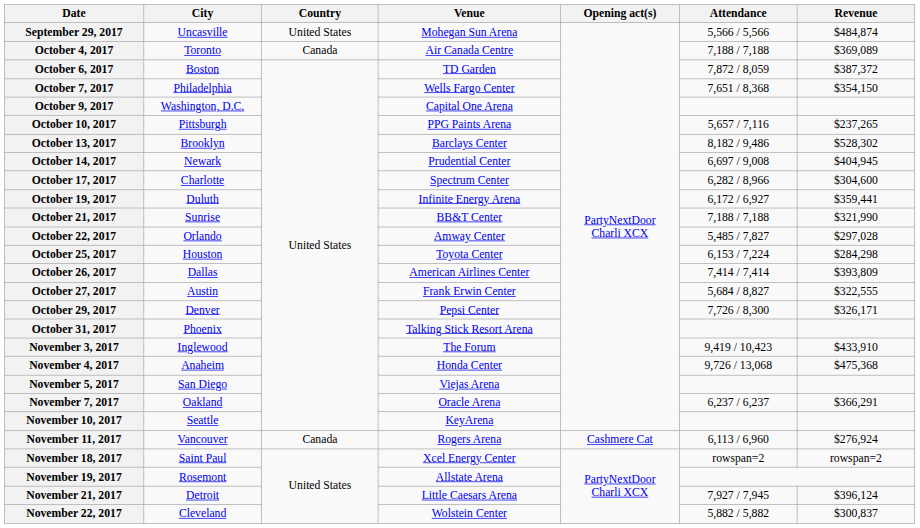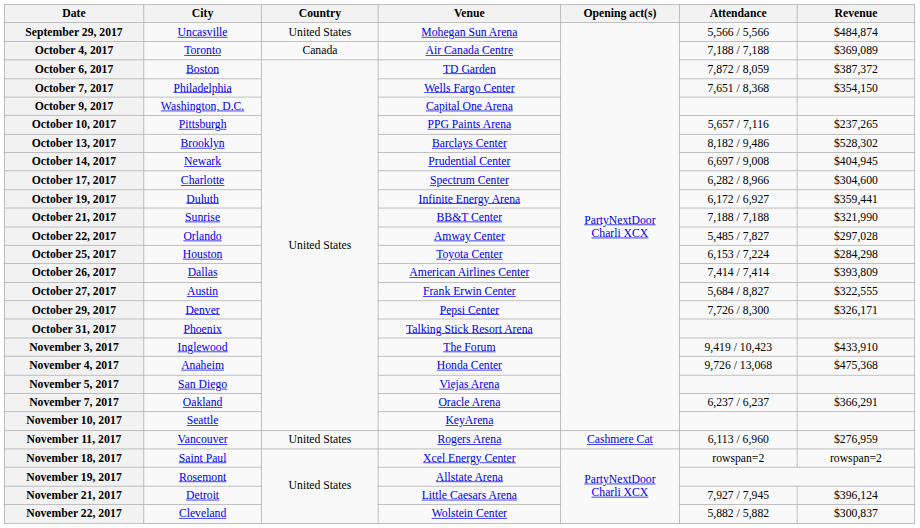 <table class="wikitable plainrowheaders" style="text-align:center;">
 <tr>
 <th scope="col" style="width:12em;">Date</th>
 <th scope="col" style="width:10em;">City</th>
 <th scope="col" style="width:10em;">Country</th>
 <th scope="col" style="width:16em;">Venue</th>
 <th scope="col" style="width:10em;">Opening act(s)</th>
 <th scope="col" style="width:10em;">Attendance</th>
 <th scope="col" style="width:10em;">Revenue</th>
 </tr>
 <tr>
 <th scope="row" style="text-align:center;">September 29, 2017</th>
 <td><a href='#'>Uncasville</a></td>
 <td>United States</td>
 <td><a href='#'>Mohegan Sun Arena</a></td>
 <td rowspan="22"><a href='#'>PartyNextDoor</a><br><a href='#'>Charli XCX</a></td>
 <td>5,566 / 5,566</td>
 <td>$484,874</td>
 </tr>
 <tr>
 <th scope="row" style="text-align:center;">October 4, 2017</th>
 <td><a href='#'>Toronto</a></td>
 <td>Canada</td>
 <td><a href='#'>Air Canada Centre</a></td>
 <td>7,188 / 7,188</td>
 <td>$369,089</td>
 </tr>
 <tr>
 <th scope="row" style="text-align:center;">October 6, 2017</th>
 <td><a href='#'>Boston</a></td>
 <td rowspan="20">United States</td>
 <td><a href='#'>TD Garden</a></td>
 <td>7,872 / 8,059</td>
 <td>$387,372</td>
 </tr>
 <tr>
 <th scope="row" style="text-align:center;">October 7, 2017</th>
 <td><a href='#'>Philadelphia</a></td>
 <td><a href='#'>Wells Fargo Center</a></td>
 <td>7,651 / 8,368</td>
 <td>$354,150</td>
 </tr>
 <tr>
 <th scope="row" style="text-align:center;">October 9, 2017</th>
 <td><a href='#'>Washington, D.C.</a></td>
 <td><a href='#'>Capital One Arena</a></td>
 <td></td>
 <td></td>
 </tr>
 <tr>
 <th scope="row" style="text-align:center;">October 10, 2017</th>
 <td><a href='#'>Pittsburgh</a></td>
 <td><a href='#'>PPG Paints Arena</a></td>
 <td>5,657 / 7,116</td>
 <td>$237,265</td>
 </tr>
 <tr>
 <th scope="row" style="text-align:center;">October 13, 2017</th>
 <td><a href='#'>Brooklyn</a></td>
 <td><a href='#'>Barclays Center</a></td>
 <td>8,182 / 9,486</td>
 <td>$528,302</td>
 </tr>
 <tr>
 <th scope="row" style="text-align:center;">October 14, 2017</th>
 <td><a href='#'>Newark</a></td>
 <td><a href='#'>Prudential Center</a></td>
 <td>6,697 / 9,008</td>
 <td>$404,945</td>
 </tr>
 <tr>
 <th scope="row" style="text-align:center;">October 17, 2017</th>
 <td><a href='#'>Charlotte</a></td>
 <td><a href='#'>Spectrum Center</a></td>
 <td>6,282 / 8,966</td>
 <td>$304,600</td>
 </tr>
 <tr>
 <th scope="row" style="text-align:center;">October 19, 2017</th>
 <td><a href='#'>Duluth</a></td>
 <td><a href='#'>Infinite Energy Arena</a></td>
 <td>6,172 / 6,927</td>
 <td>$359,441</td>
 </tr>
 <tr>
 <th scope="row" style="text-align:center;">October 21, 2017</th>
 <td><a href='#'>Sunrise</a></td>
 <td><a href='#'>BB&T Center</a></td>
 <td>7,188 / 7,188</td>
 <td>$321,990</td>
 </tr>
 <tr>
 <th scope="row" style="text-align:center;">October 22, 2017</th>
 <td><a href='#'>Orlando</a></td>
 <td><a href='#'>Amway Center</a></td>
 <td>5,485 / 7,827</td>
 <td>$297,028</td>
 </tr>
 <tr>
 <th scope="row" style="text-align:center;">October 25, 2017</th>
 <td><a href='#'>Houston</a></td>
 <td><a href='#'>Toyota Center</a></td>
 <td>6,153 / 7,224</td>
 <td>$284,298</td>
 </tr>
 <tr>
 <th scope="row" style="text-align:center;">October 26, 2017</th>
 <td><a href='#'>Dallas</a></td>
 <td><a href='#'>American Airlines Center</a></td>
 <td>7,414 / 7,414</td>
 <td>$393,809</td>
 </tr>
 <tr>
 <th scope="row" style="text-align:center;">October 27, 2017</th>
 <td><a href='#'>Austin</a></td>
 <td><a href='#'>Frank Erwin Center</a></td>
 <td>5,684 / 8,827</td>
 <td>$322,555</td>
 </tr>
 <tr>
 <th scope="row" style="text-align:center;">October 29, 2017</th>
 <td><a href='#'>Denver</a></td>
 <td><a href='#'>Pepsi Center</a></td>
 <td>7,726 / 8,300</td>
 <td>$326,171</td>
 </tr>
 <tr>
 <th scope="row" style="text-align:center;">October 31, 2017</th>
 <td><a href='#'>Phoenix</a></td>
 <td><a href='#'>Talking Stick Resort Arena</a></td>
 <td></td>
 <td></td>
 </tr>
 <tr>
 <th scope="row" style="text-align:center;">November 3, 2017</th>
 <td><a href='#'>Inglewood</a></td>
 <td><a href='#'>The Forum</a></td>
 <td>9,419 / 10,423</td>
 <td>$433,910</td>
 </tr>
 <tr>
 <th scope="row" style="text-align:center;">November 4, 2017</th>
 <td><a href='#'>Anaheim</a></td>
 <td><a href='#'>Honda Center</a></td>
 <td>9,726 / 13,068</td>
 <td>$475,368</td>
 </tr>
 <tr>
 <th scope="row" style="text-align:center;">November 5, 2017</th>
 <td><a href='#'>San Diego</a></td>
 <td><a href='#'>Viejas Arena</a></td>
 <td></td>
 <td></td>
 </tr>
 <tr>
 <th scope="row" style="text-align:center;">November 7, 2017</th>
 <td><a href='#'>Oakland</a></td>
 <td><a href='#'>Oracle Arena</a></td>
 <td>6,237 / 6,237</td>
 <td>$366,291</td>
 </tr>
 <tr>
 <th scope="row" style="text-align:center;">November 10, 2017</th>
 <td><a href='#'>Seattle</a></td>
 <td><a href='#'>KeyArena</a></td>
 <td></td>
 <td></td>
 </tr>
 <tr>
 <th scope="row" style="text-align:center;">November 11, 2017</th>
 <td><a href='#'>Vancouver</a></td>
-<td>Canada</td>
+<td>United States</td>
 <td><a href='#'>Rogers Arena</a></td>
 <td><a href='#'>Cashmere Cat</a></td>
 <td>6,113 / 6,960</td>
-<td>$276,924</td>
+<td>$276,959</td>
 </tr>
 <tr>
 <th scope="row" style="text-align:center;">November 18, 2017</th>
 <td><a href='#'>Saint Paul</a></td>
 <td rowspan="4">United States</td>
 <td><a href='#'>Xcel Energy Center</a></td>
 <td rowspan="4"><a href='#'>PartyNextDoor</a><br><a href='#'>Charli XCX</a></td>
 <td>rowspan=2 </td>
 <td>rowspan=2 </td>
 </tr>
 <tr>
 <th scope="row" style="text-align:center;">November 19, 2017</th>
 <td><a href='#'>Rosemont</a></td>
 <td><a href='#'>Allstate Arena</a></td>
 </tr>
 <tr>
 <th scope="row" style="text-align:center;">November 21, 2017</th>
 <td><a href='#'>Detroit</a></td>
 <td><a href='#'>Little Caesars Arena</a></td>
 <td>7,927 / 7,945</td>
 <td>$396,124</td>
 </tr>
 <tr>
 <th scope="row" style="text-align:center;">November 22, 2017</th>
 <td><a href='#'>Cleveland</a></td>
 <td><a href='#'>Wolstein Center</a></td>
 <td>5,882 / 5,882</td>
 <td>$300,837</td>
 </tr>
 </table>
